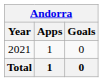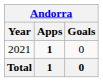 <table class="wikitable" style="text-align:center">
 <tr>
 <th colspan=3><a href='#'>Andorra</a></th>
 </tr>
 <tr>
 <th>Year</th>
 <th>Apps</th>
 <th>Goals</th>
 </tr>
 <tr>
 <td>2021</td>
-<td>1</td>
+<td><strong>1</strong></td>
 <td>0</td>
 </tr>
 <tr>
 <th>Total</th>
 <th>1</th>
 <th>0</th>
 </tr>
 </table>
